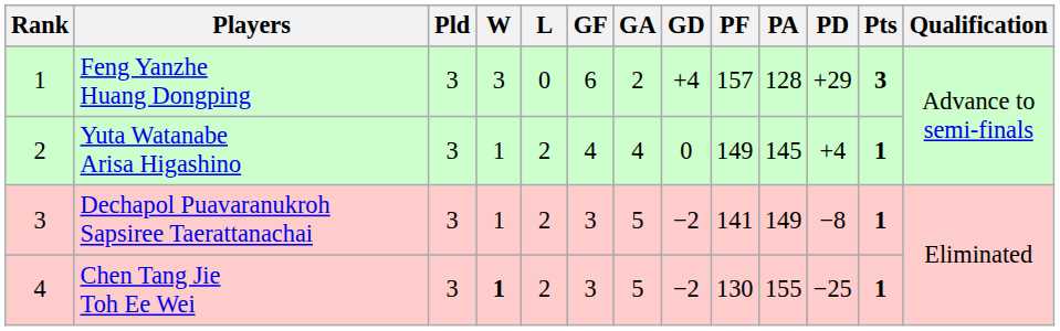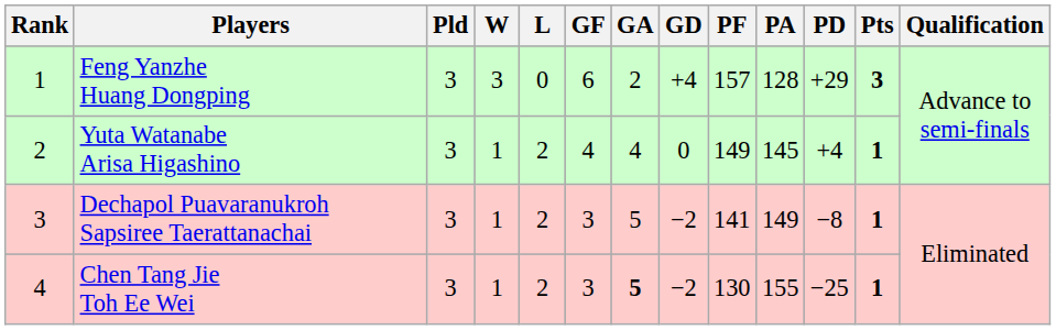 <table class="wikitable" style="font-size:90%; text-align:center">
 <tr>
 <th width="20">Rank</th>
 <th width="200">Players</th>
 <th width="20">Pld</th>
 <th width="20">W</th>
 <th width="20">L</th>
 <th width="20">GF</th>
 <th width="20">GA</th>
 <th width="20">GD</th>
 <th width="20">PF</th>
 <th width="20">PA</th>
 <th width="20">PD</th>
 <th width="20">Pts</th>
 <th width="20">Qualification</th>
 </tr>
 <tr bgcolor="#ccffcc">
 <td>1</td>
 <td align="left"> <a href='#'>Feng Yanzhe</a><br> <a href='#'>Huang Dongping</a></td>
 <td>3</td>
 <td>3</td>
 <td>0</td>
 <td>6</td>
 <td>2</td>
 <td>+4</td>
 <td>157</td>
 <td>128</td>
 <td>+29</td>
 <td><strong>3</strong></td>
 <td rowspan="2">Advance to <a href='#'>semi-finals</a></td>
 </tr>
 <tr bgcolor="#ccffcc">
 <td>2</td>
 <td align="left"> <a href='#'>Yuta Watanabe</a><br> <a href='#'>Arisa Higashino</a></td>
 <td>3</td>
 <td>1</td>
 <td>2</td>
 <td>4</td>
 <td>4</td>
 <td>0</td>
 <td>149</td>
 <td>145</td>
 <td>+4</td>
 <td><strong>1</strong></td>
 </tr>
 <tr bgcolor="#ffcccc">
 <td>3</td>
 <td align="left"> <a href='#'>Dechapol Puavaranukroh</a><br> <a href='#'>Sapsiree Taerattanachai</a></td>
 <td>3</td>
 <td>1</td>
 <td>2</td>
 <td>3</td>
 <td>5</td>
 <td>−2</td>
 <td>141</td>
 <td>149</td>
 <td>−8</td>
 <td><strong>1</strong></td>
 <td rowspan="2">Eliminated</td>
 </tr>
 <tr bgcolor="#ffcccc">
 <td>4</td>
 <td align="left"> <a href='#'>Chen Tang Jie</a><br> <a href='#'>Toh Ee Wei</a></td>
 <td>3</td>
-<td><strong>1</strong></td>
+<td>1</td>
 <td>2</td>
 <td>3</td>
-<td>5</td>
+<td><strong>5</strong></td>
 <td>−2</td>
 <td>130</td>
 <td>155</td>
 <td>−25</td>
 <td><strong>1</strong></td>
 </tr>
 </table>
